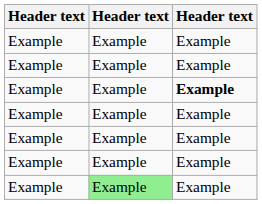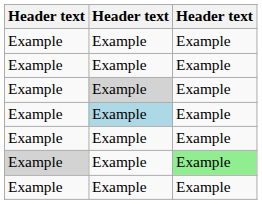 <table class="wikitable sortable">
 <tr>
 <th>Header text</th>
 <th>Header text</th>
 <th>Header text</th>
 </tr>
 <tr>
 <td>Example</td>
 <td>Example</td>
 <td>Example</td>
 </tr>
 <tr>
 <td>Example</td>
 <td>Example</td>
 <td>Example</td>
 </tr>
 <tr>
 <td>Example</td>
+<td style="background: lightgrey;">Example</td>
 <td>Example</td>
-<td><strong>Example</strong></td>
 </tr>
 <tr>
 <td>Example</td>
-<td>Example</td>
+<td style="background: lightblue;">Example</td>
 <td>Example</td>
 </tr>
 <tr>
 <td>Example</td>
 <td>Example</td>
 <td>Example</td>
 </tr>
 <tr>
+<td style="background: lightgrey;">Example</td>
+<td>Example</td>
+<td style="background: lightgreen;">Example</td>
+</tr>
+<tr>
 <td>Example</td>
 <td>Example</td>
 <td>Example</td>
 </tr>
-<tr>
-<td>Example</td>
-<td style="background: lightgreen;">Example</td>
-<td>Example</td>
-</tr>
 </table>
